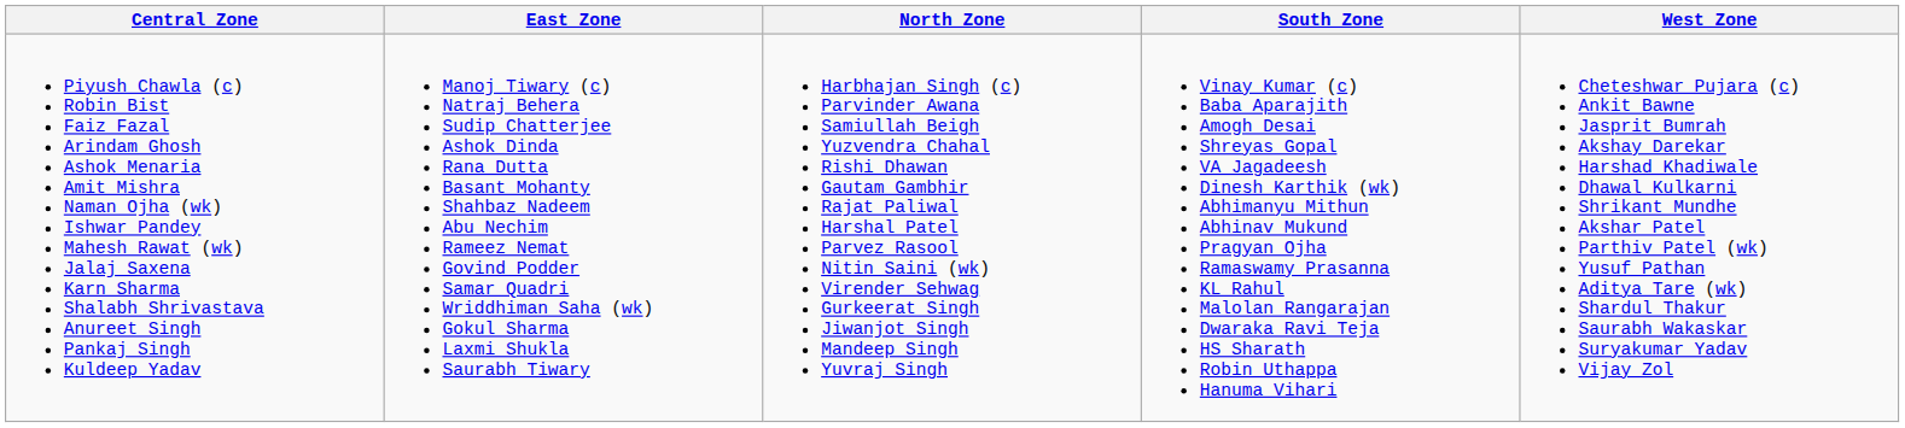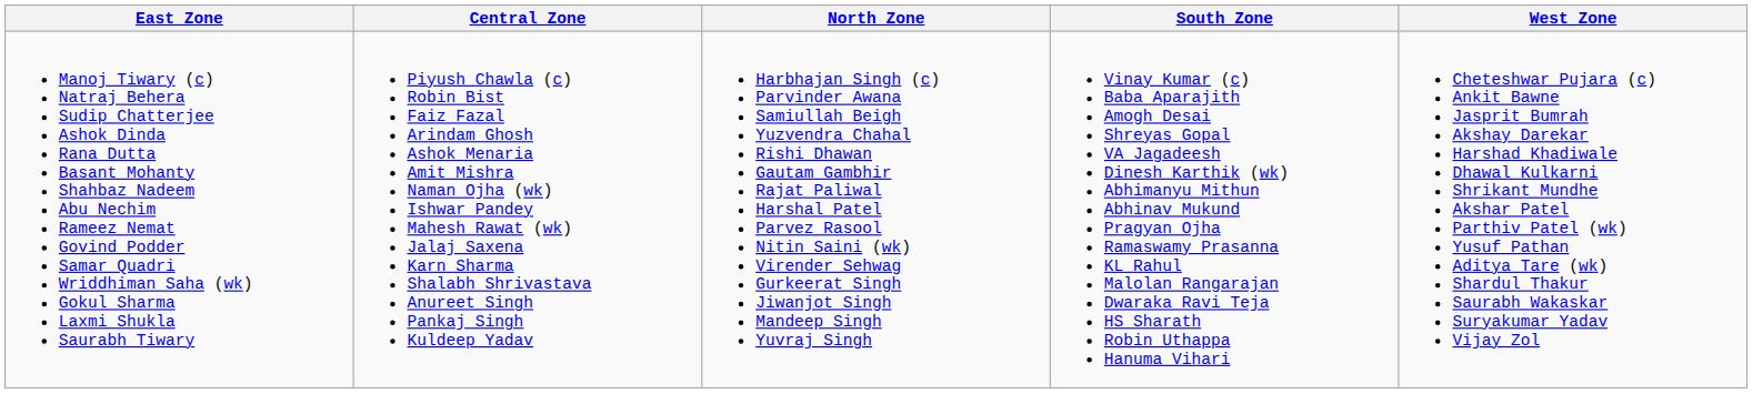 <table class="wikitable">
 <tr>
+<th style="width:15%;"><a href='#'>East Zone</a></th>
 <th style="width:15%;"><a href='#'>Central Zone</a></th>
-<th style="width:15%;"><a href='#'>East Zone</a></th>
 <th style="width:15%;"><a href='#'>North Zone</a></th>
 <th style="width:15%;"><a href='#'>South Zone</a></th>
 <th style="width:15%;"><a href='#'>West Zone</a></th>
 </tr>
 <tr style="vertical-align:top">
+<td><br><ul><li><a href='#'>Manoj Tiwary</a> (<a href='#'>c</a>)</li><li><a href='#'>Natraj Behera</a></li><li><a href='#'>Sudip Chatterjee</a></li><li><a href='#'>Ashok Dinda</a></li><li><a href='#'>Rana Dutta</a></li><li><a href='#'>Basant Mohanty</a></li><li><a href='#'>Shahbaz Nadeem</a></li><li><a href='#'>Abu Nechim</a></li><li><a href='#'>Rameez Nemat</a></li><li><a href='#'>Govind Podder</a></li><li><a href='#'>Samar Quadri</a></li><li><a href='#'>Wriddhiman Saha</a> (<a href='#'>wk</a>)</li><li><a href='#'>Gokul Sharma</a></li><li><a href='#'>Laxmi Shukla</a></li><li><a href='#'>Saurabh Tiwary</a></li></ul></td>
 <td><br><ul><li><a href='#'>Piyush Chawla</a> (<a href='#'>c</a>)</li><li><a href='#'>Robin Bist</a></li><li><a href='#'>Faiz Fazal</a></li><li><a href='#'>Arindam Ghosh</a></li><li><a href='#'>Ashok Menaria</a></li><li><a href='#'>Amit Mishra</a></li><li><a href='#'>Naman Ojha</a> (<a href='#'>wk</a>)</li><li><a href='#'>Ishwar Pandey</a></li><li><a href='#'>Mahesh Rawat</a> (<a href='#'>wk</a>)</li><li><a href='#'>Jalaj Saxena</a></li><li><a href='#'>Karn Sharma</a></li><li><a href='#'>Shalabh Shrivastava</a></li><li><a href='#'>Anureet Singh</a></li><li><a href='#'>Pankaj Singh</a></li><li><a href='#'>Kuldeep Yadav</a></li></ul></td>
-<td><br><ul><li><a href='#'>Manoj Tiwary</a> (<a href='#'>c</a>)</li><li><a href='#'>Natraj Behera</a></li><li><a href='#'>Sudip Chatterjee</a></li><li><a href='#'>Ashok Dinda</a></li><li><a href='#'>Rana Dutta</a></li><li><a href='#'>Basant Mohanty</a></li><li><a href='#'>Shahbaz Nadeem</a></li><li><a href='#'>Abu Nechim</a></li><li><a href='#'>Rameez Nemat</a></li><li><a href='#'>Govind Podder</a></li><li><a href='#'>Samar Quadri</a></li><li><a href='#'>Wriddhiman Saha</a> (<a href='#'>wk</a>)</li><li><a href='#'>Gokul Sharma</a></li><li><a href='#'>Laxmi Shukla</a></li><li><a href='#'>Saurabh Tiwary</a></li></ul></td>
 <td><br><ul><li><a href='#'>Harbhajan Singh</a> (<a href='#'>c</a>)</li><li><a href='#'>Parvinder Awana</a></li><li><a href='#'>Samiullah Beigh</a></li><li><a href='#'>Yuzvendra Chahal</a></li><li><a href='#'>Rishi Dhawan</a></li><li><a href='#'>Gautam Gambhir</a></li><li><a href='#'>Rajat Paliwal</a></li><li><a href='#'>Harshal Patel</a></li><li><a href='#'>Parvez Rasool</a></li><li><a href='#'>Nitin Saini</a> (<a href='#'>wk</a>)</li><li><a href='#'>Virender Sehwag</a></li><li><a href='#'>Gurkeerat Singh</a></li><li><a href='#'>Jiwanjot Singh</a></li><li><a href='#'>Mandeep Singh</a></li><li><a href='#'>Yuvraj Singh</a></li></ul></td>
 <td><br><ul><li><a href='#'>Vinay Kumar</a> (<a href='#'>c</a>)</li><li><a href='#'>Baba Aparajith</a></li><li><a href='#'>Amogh Desai</a></li><li><a href='#'>Shreyas Gopal</a></li><li><a href='#'>VA Jagadeesh</a></li><li><a href='#'>Dinesh Karthik</a> (<a href='#'>wk</a>)</li><li><a href='#'>Abhimanyu Mithun</a></li><li><a href='#'>Abhinav Mukund</a></li><li><a href='#'>Pragyan Ojha</a></li><li><a href='#'>Ramaswamy Prasanna</a></li><li><a href='#'>KL Rahul</a></li><li><a href='#'>Malolan Rangarajan</a></li><li><a href='#'>Dwaraka Ravi Teja</a></li><li><a href='#'>HS Sharath</a></li><li><a href='#'>Robin Uthappa</a></li><li><a href='#'>Hanuma Vihari</a></li></ul></td>
 <td><br><ul><li><a href='#'>Cheteshwar Pujara</a> (<a href='#'>c</a>)</li><li><a href='#'>Ankit Bawne</a></li><li><a href='#'>Jasprit Bumrah</a></li><li><a href='#'>Akshay Darekar</a></li><li><a href='#'>Harshad Khadiwale</a></li><li><a href='#'>Dhawal Kulkarni</a></li><li><a href='#'>Shrikant Mundhe</a></li><li><a href='#'>Akshar Patel</a></li><li><a href='#'>Parthiv Patel</a> (<a href='#'>wk</a>)</li><li><a href='#'>Yusuf Pathan</a></li><li><a href='#'>Aditya Tare</a> (<a href='#'>wk</a>)</li><li><a href='#'>Shardul Thakur</a></li><li><a href='#'>Saurabh Wakaskar</a></li><li><a href='#'>Suryakumar Yadav</a></li><li><a href='#'>Vijay Zol</a></li></ul></td>
 </tr>
 </table>
